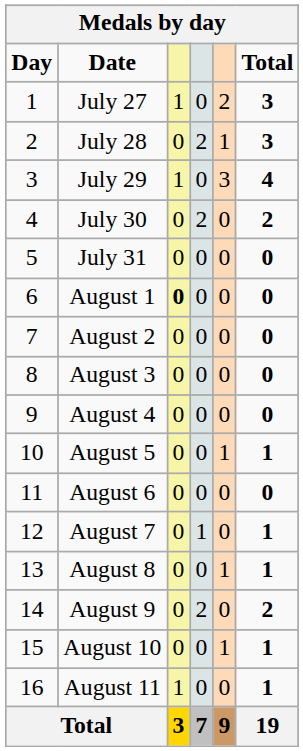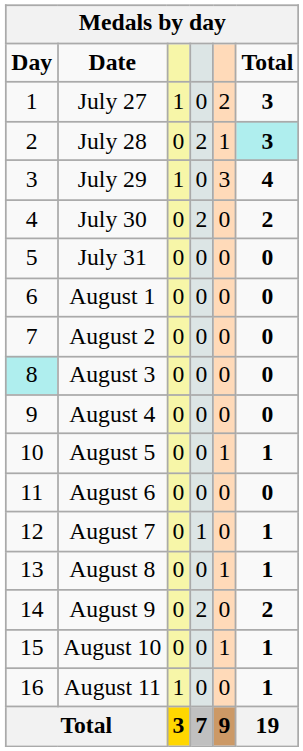 <table class=wikitable style="font-size:85%; float:right;text-align:center">
 <tr>
 <th colspan=7><strong>Medals by day</strong></th>
 </tr>
 <tr>
 <td><strong>Day</strong></td>
 <td><strong>Date</strong></td>
 <td bgcolor=F7F6A8></td>
 <td bgcolor=DCE5E5></td>
 <td bgcolor=FFDAB9></td>
 <td><strong>Total</strong></td>
 </tr>
 <tr>
 <td>1</td>
 <td>July 27</td>
 <td bgcolor=F7F6A8>1</td>
 <td bgcolor=DCE5E5>0</td>
 <td bgcolor=FFDAB9>2</td>
 <td><strong>3</strong></td>
 </tr>
 <tr>
 <td>2</td>
 <td>July 28</td>
 <td bgcolor=F7F6A8>0</td>
 <td bgcolor=DCE5E5>2</td>
 <td bgcolor=FFDAB9>1</td>
-<td><strong>3</strong></td>
+<td style="background: paleturquoise;"><strong>3</strong></td>
 </tr>
 <tr>
 <td>3</td>
 <td>July 29</td>
 <td bgcolor=F7F6A8>1</td>
 <td bgcolor=DCE5E5>0</td>
 <td bgcolor=FFDAB9>3</td>
 <td><strong>4</strong></td>
 </tr>
 <tr>
 <td>4</td>
 <td>July 30</td>
 <td bgcolor=F7F6A8>0</td>
 <td bgcolor=DCE5E5>2</td>
 <td bgcolor=FFDAB9>0</td>
 <td><strong>2</strong></td>
 </tr>
 <tr>
 <td>5</td>
 <td>July 31</td>
 <td bgcolor=F7F6A8>0</td>
 <td bgcolor=DCE5E5>0</td>
 <td bgcolor=FFDAB9>0</td>
 <td><strong>0</strong></td>
 </tr>
 <tr>
 <td>6</td>
 <td>August 1</td>
-<td bgcolor=F7F6A8><strong>0</strong></td>
+<td bgcolor=F7F6A8>0</td>
 <td bgcolor=DCE5E5>0</td>
 <td bgcolor=FFDAB9>0</td>
 <td><strong>0</strong></td>
 </tr>
 <tr>
 <td>7</td>
 <td>August 2</td>
 <td bgcolor=F7F6A8>0</td>
 <td bgcolor=DCE5E5>0</td>
 <td bgcolor=FFDAB9>0</td>
 <td><strong>0</strong></td>
 </tr>
 <tr>
-<td>8</td>
+<td style="background: paleturquoise;">8</td>
 <td>August 3</td>
 <td bgcolor=F7F6A8>0</td>
 <td bgcolor=DCE5E5>0</td>
 <td bgcolor=FFDAB9>0</td>
 <td><strong>0</strong></td>
 </tr>
 <tr>
 <td>9</td>
 <td>August 4</td>
 <td bgcolor=F7F6A8>0</td>
 <td bgcolor=DCE5E5>0</td>
 <td bgcolor=FFDAB9>0</td>
 <td><strong>0</strong></td>
 </tr>
 <tr>
 <td>10</td>
 <td>August 5</td>
 <td bgcolor=F7F6A8>0</td>
 <td bgcolor=DCE5E5>0</td>
 <td bgcolor=FFDAB9>1</td>
 <td><strong>1</strong></td>
 </tr>
 <tr>
 <td>11</td>
 <td>August 6</td>
 <td bgcolor=F7F6A8>0</td>
 <td bgcolor=DCE5E5>0</td>
 <td bgcolor=FFDAB9>0</td>
 <td><strong>0</strong></td>
 </tr>
 <tr>
 <td>12</td>
 <td>August 7</td>
 <td bgcolor=F7F6A8>0</td>
 <td bgcolor=DCE5E5>1</td>
 <td bgcolor=FFDAB9>0</td>
 <td><strong>1</strong></td>
 </tr>
 <tr>
 <td>13</td>
 <td>August 8</td>
 <td bgcolor=F7F6A8>0</td>
 <td bgcolor=DCE5E5>0</td>
 <td bgcolor=FFDAB9>1</td>
 <td><strong>1</strong></td>
 </tr>
 <tr>
 <td>14</td>
 <td>August 9</td>
 <td bgcolor=F7F6A8>0</td>
 <td bgcolor=DCE5E5>2</td>
 <td bgcolor=FFDAB9>0</td>
 <td><strong>2</strong></td>
 </tr>
 <tr>
 <td>15</td>
 <td>August 10</td>
 <td bgcolor=F7F6A8>0</td>
 <td bgcolor=DCE5E5>0</td>
 <td bgcolor=FFDAB9>1</td>
 <td><strong>1</strong></td>
 </tr>
 <tr>
 <td>16</td>
 <td>August 11</td>
 <td bgcolor=F7F6A8>1</td>
 <td bgcolor=DCE5E5>0</td>
 <td bgcolor=FFDAB9>0</td>
 <td><strong>1</strong></td>
 </tr>
 <tr>
 <th colspan=2><strong>Total</strong></th>
 <th style=background:gold><strong>3</strong></th>
 <th style=background:silver><strong>7</strong></th>
 <th style=background:#C96><strong>9</strong></th>
 <th><strong>19</strong></th>
 </tr>
 </table>
